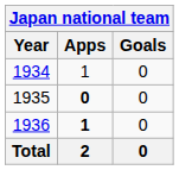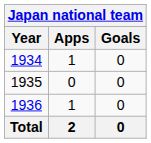 <table class="wikitable" style="text-align:center">
 <tr>
 <th colspan=3><a href='#'>Japan national team</a></th>
 </tr>
 <tr>
 <th>Year</th>
 <th>Apps</th>
 <th>Goals</th>
 </tr>
 <tr>
 <td><a href='#'>1934</a></td>
 <td>1</td>
 <td>0</td>
 </tr>
 <tr>
 <td>1935</td>
-<td><strong>0</strong></td>
+<td>0</td>
 <td>0</td>
 </tr>
 <tr>
 <td><a href='#'>1936</a></td>
-<td><strong>1</strong></td>
+<td>1</td>
 <td>0</td>
 </tr>
 <tr>
 <th>Total</th>
 <th>2</th>
 <th>0</th>
 </tr>
 </table>
